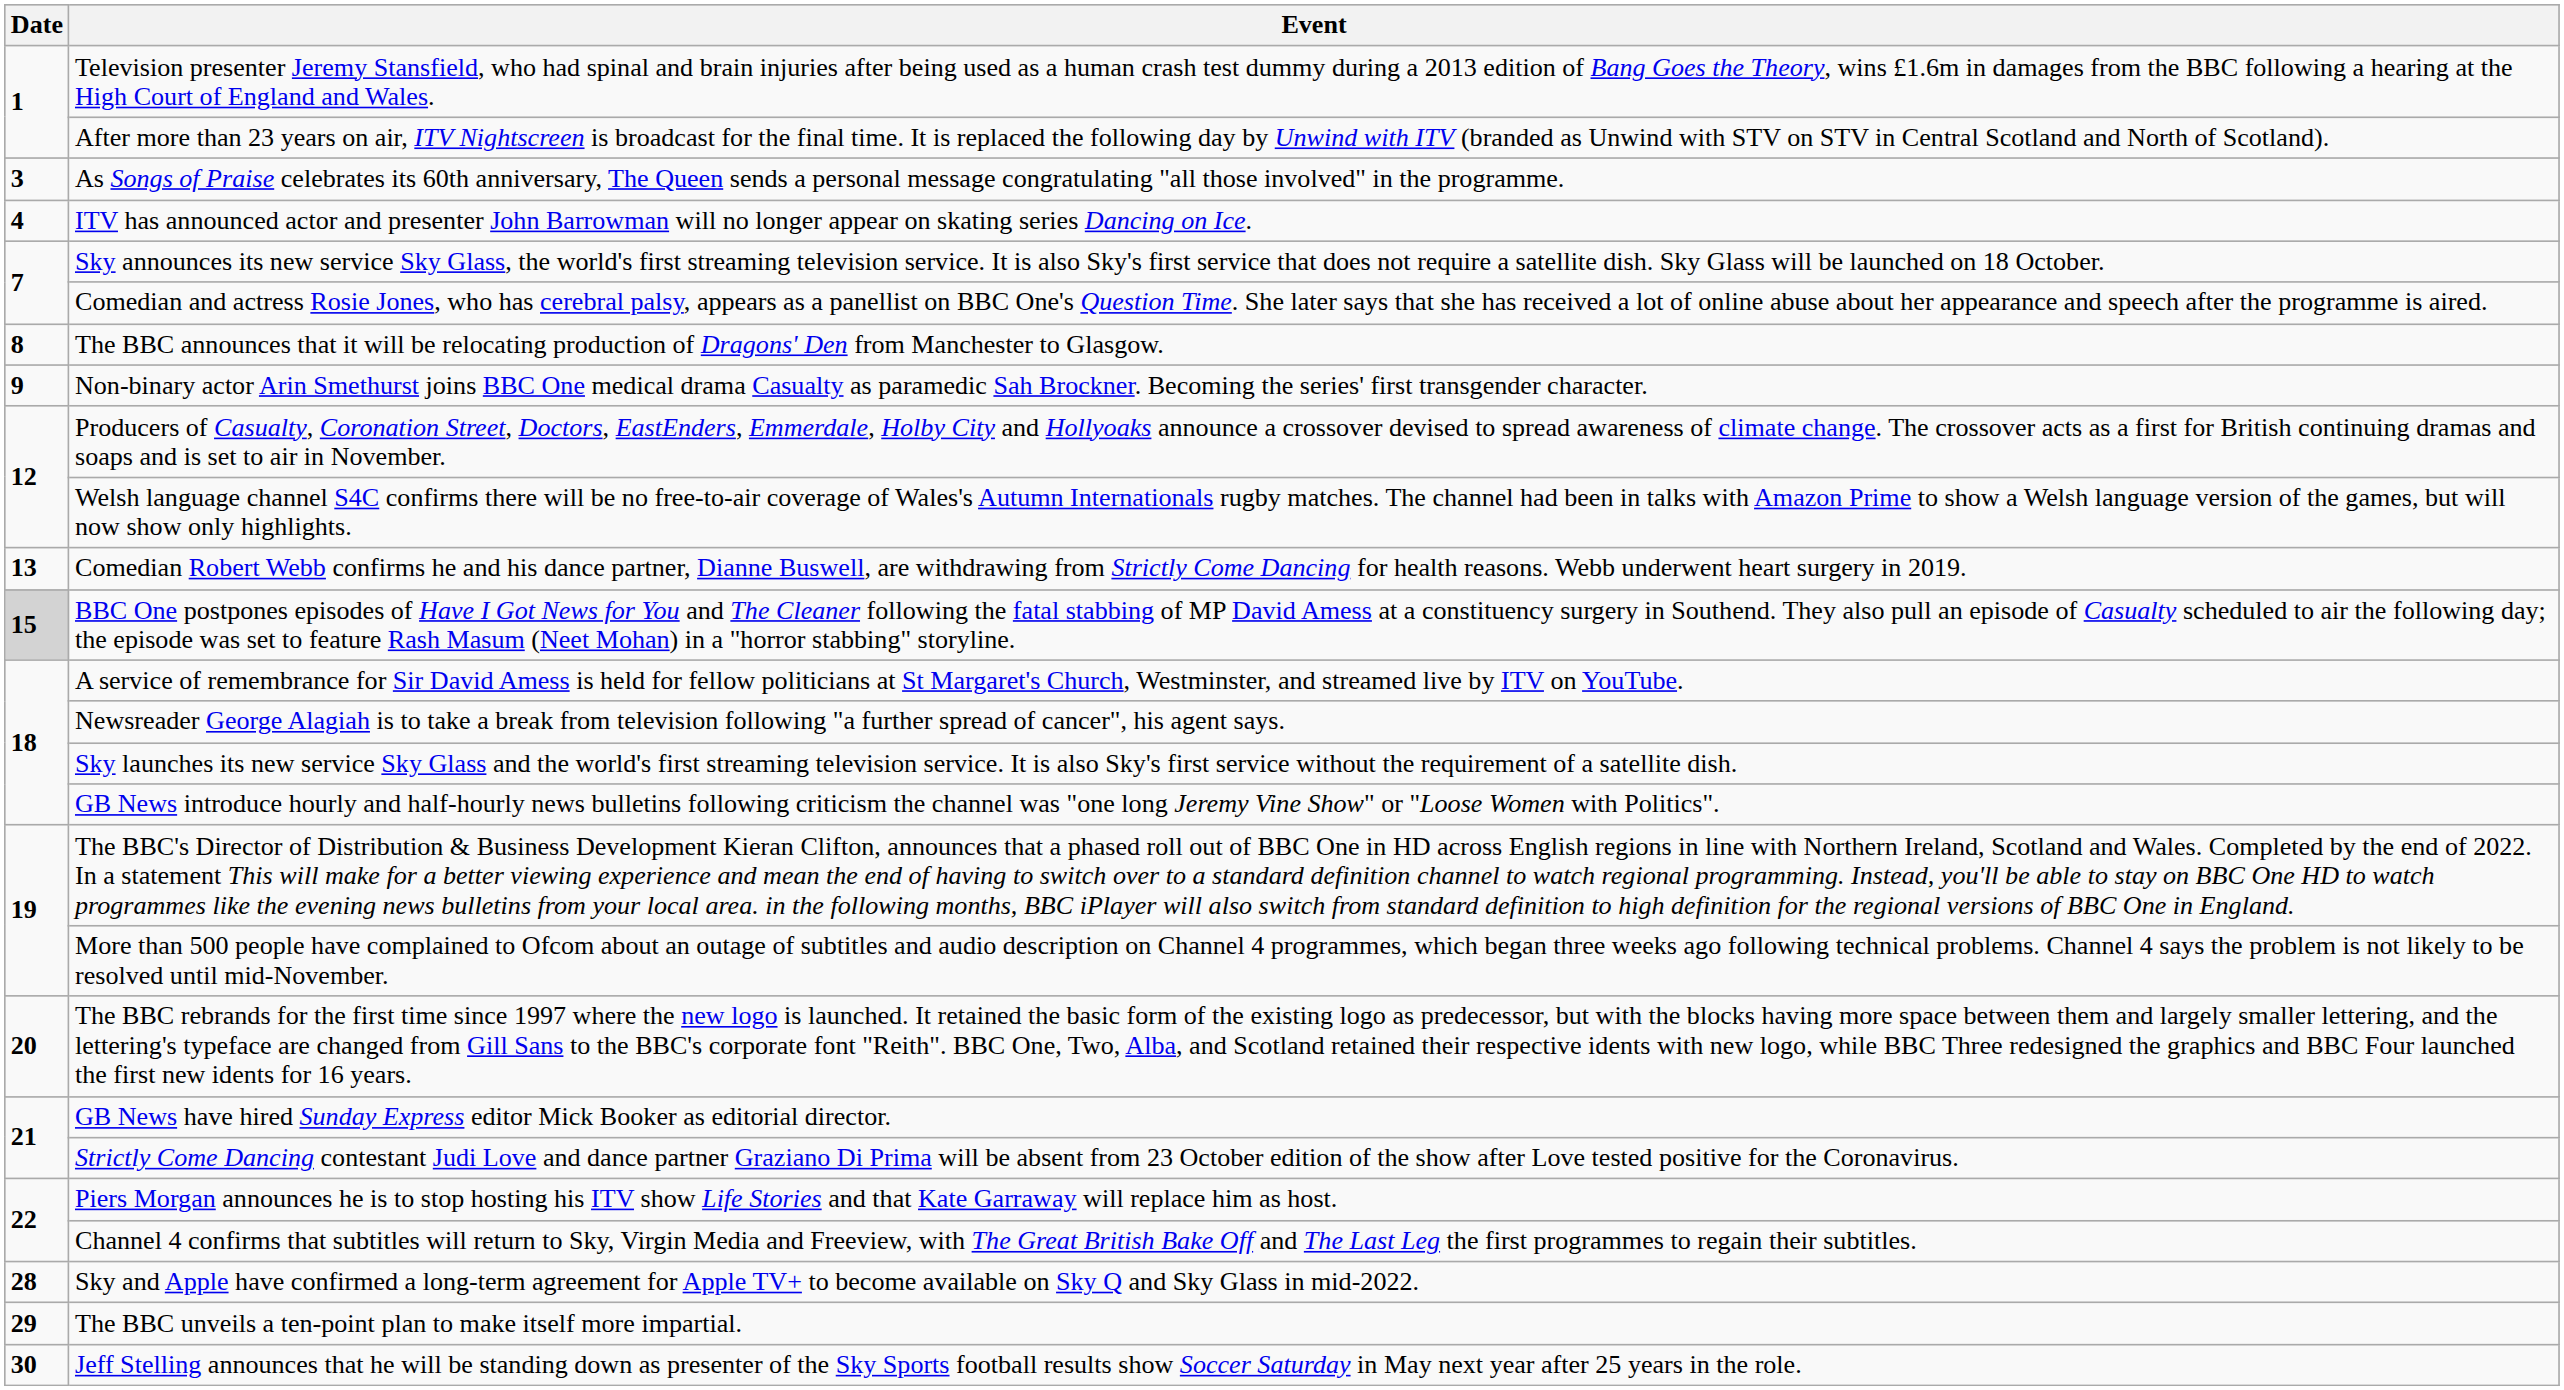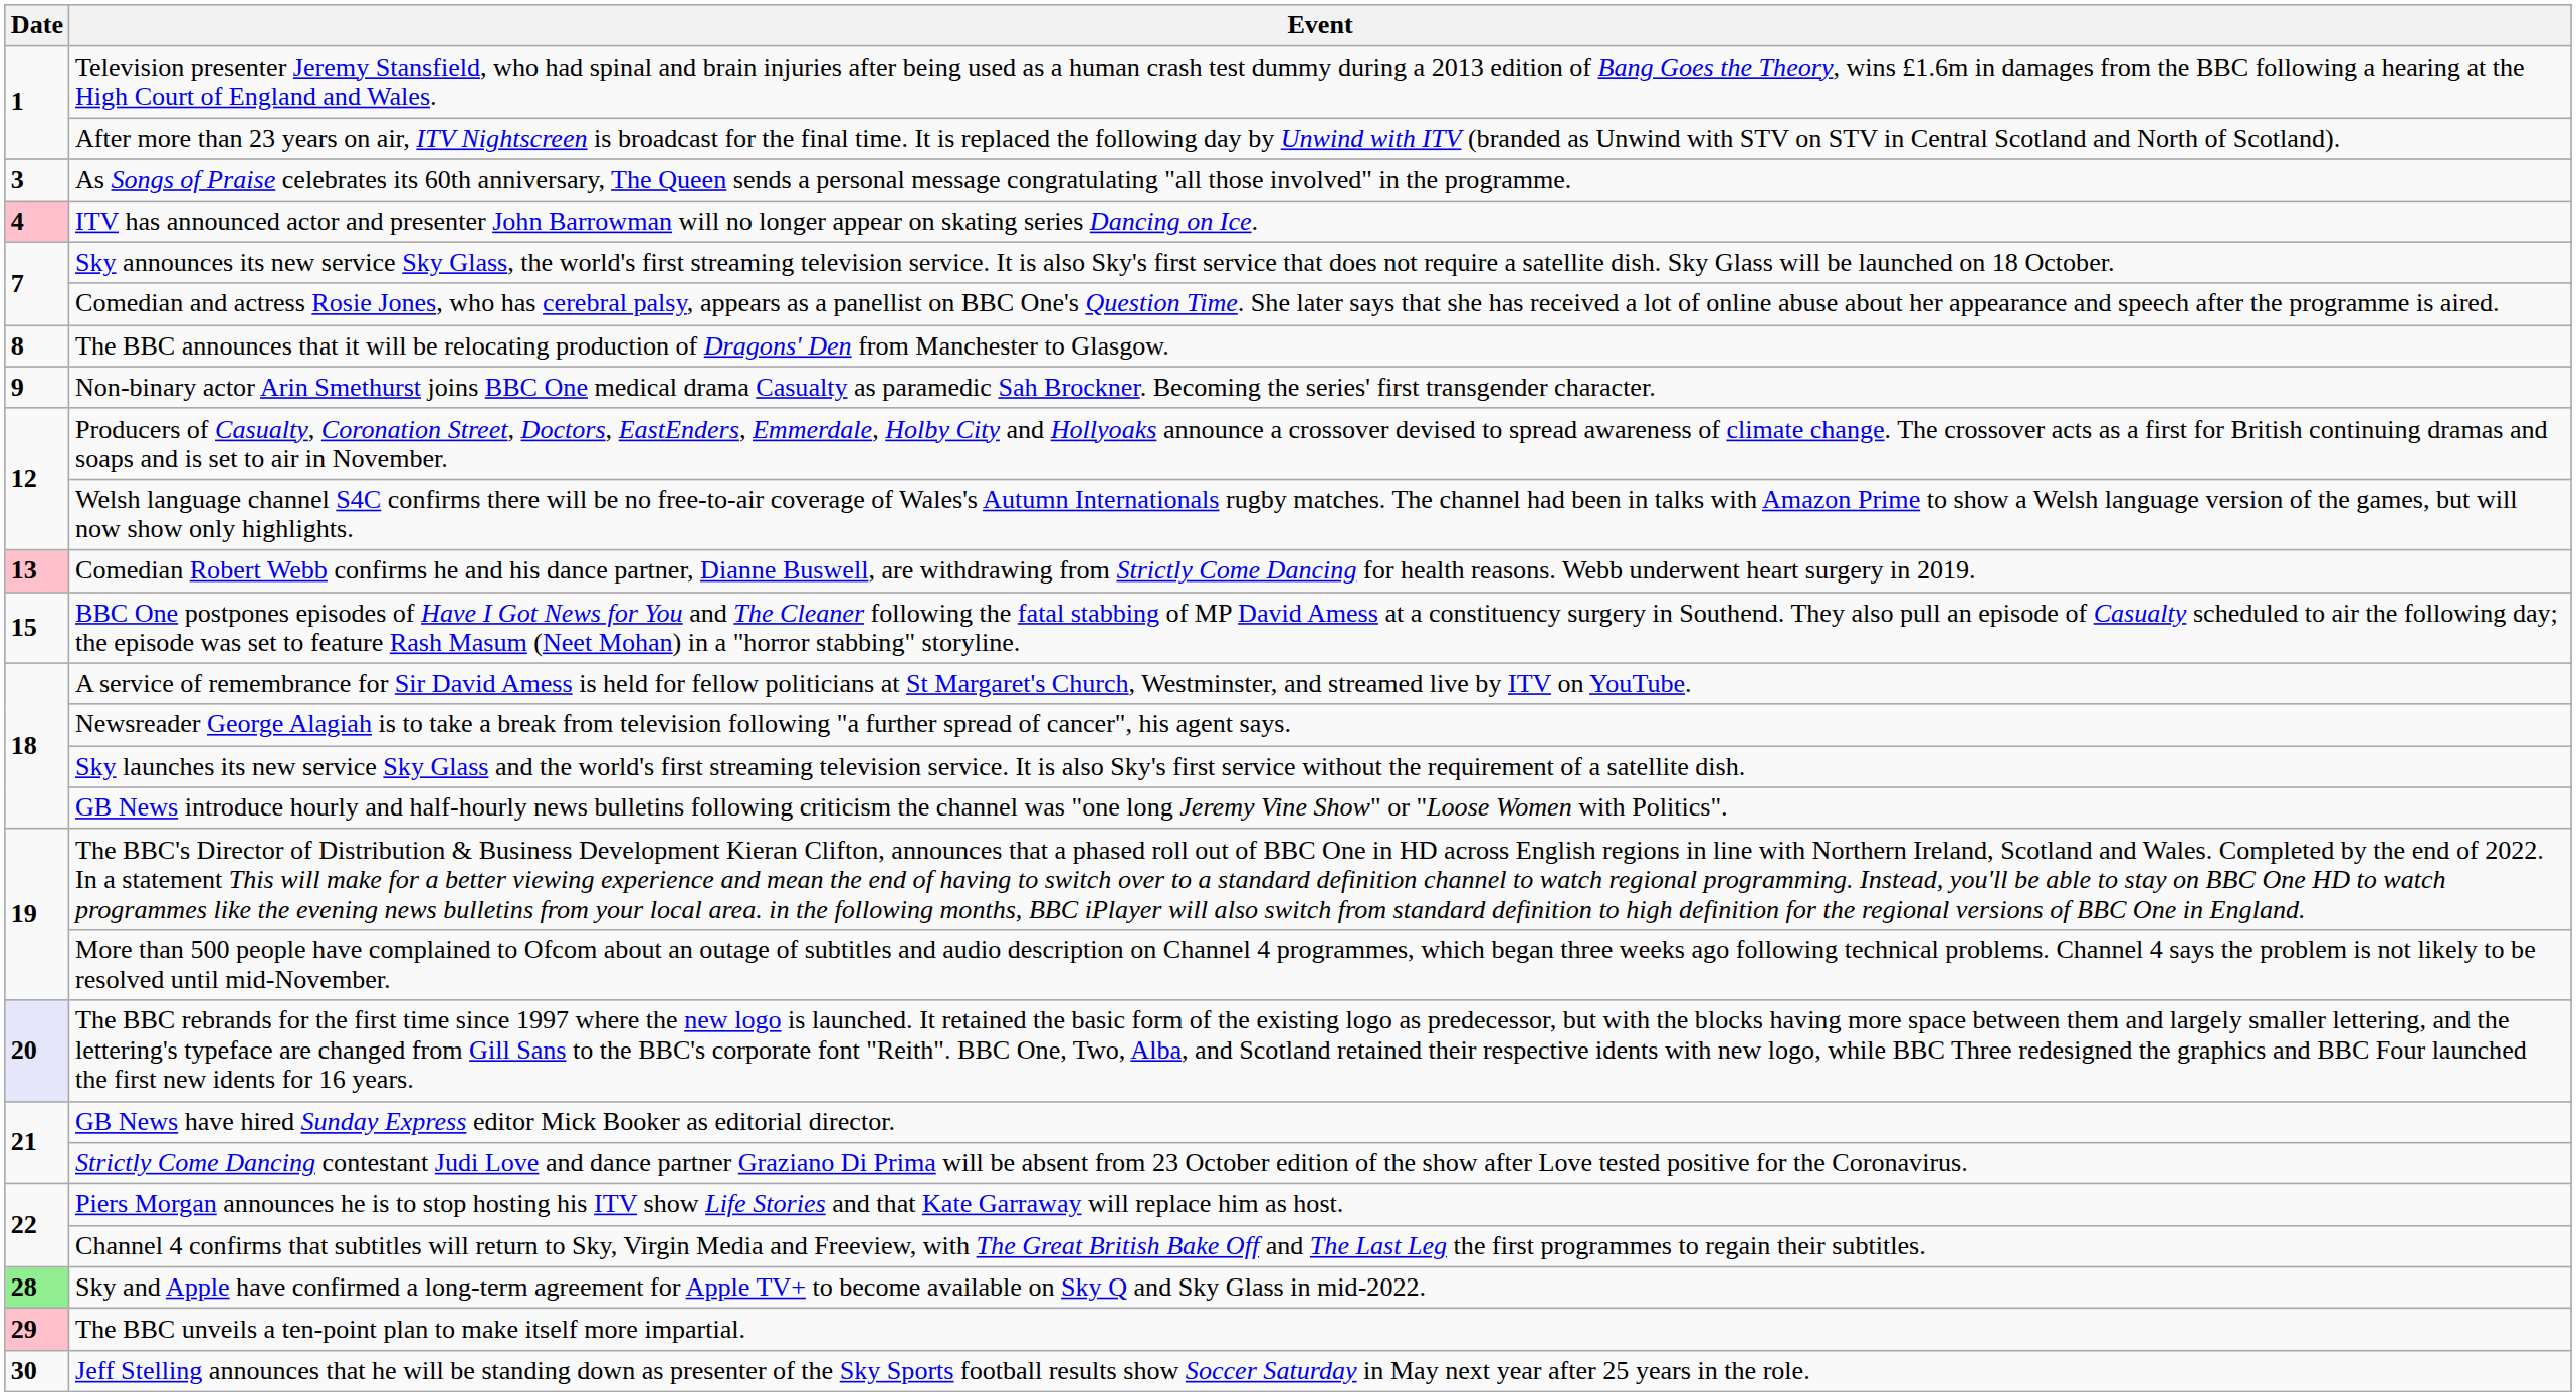 <table class="wikitable">
 <tr>
 <th>Date</th>
 <th>Event</th>
 </tr>
 <tr>
 <td rowspan=2><strong>1</strong></td>
 <td>Television presenter <a href='#'>Jeremy Stansfield</a>, who had spinal and brain injuries after being used as a human crash test dummy during a 2013 edition of <em><a href='#'>Bang Goes the Theory</a></em>, wins £1.6m in damages from the BBC following a hearing at the <a href='#'>High Court of England and Wales</a>.</td>
 </tr>
 <tr>
 <td>After more than 23 years on air, <em><a href='#'>ITV Nightscreen</a></em> is broadcast for the final time. It is replaced the following day by <em><a href='#'>Unwind with ITV</a></em> (branded as Unwind with STV on STV in Central Scotland and North of Scotland).</td>
 </tr>
 <tr>
 <td><strong>3</strong></td>
 <td>As <em><a href='#'>Songs of Praise</a></em> celebrates its 60th anniversary, <a href='#'>The Queen</a> sends a personal message congratulating "all those involved" in the programme.</td>
 </tr>
 <tr>
-<td><strong>4</strong></td>
+<td style="background: pink;"><strong>4</strong></td>
 <td><a href='#'>ITV</a> has announced actor and presenter <a href='#'>John Barrowman</a> will no longer appear on skating series <em><a href='#'>Dancing on Ice</a></em>.</td>
 </tr>
 <tr>
 <td rowspan=2><strong>7</strong></td>
 <td><a href='#'>Sky</a> announces its new service <a href='#'>Sky Glass</a>, the world's first streaming television service. It is also Sky's first service that does not require a satellite dish. Sky Glass will be launched on 18 October.</td>
 </tr>
 <tr>
 <td>Comedian and actress <a href='#'>Rosie Jones</a>, who has <a href='#'>cerebral palsy</a>, appears as a panellist on BBC One's <em><a href='#'>Question Time</a></em>. She later says that she has received a lot of online abuse about her appearance and speech after the programme is aired.</td>
 </tr>
 <tr>
 <td><strong>8</strong></td>
 <td>The BBC announces that it will be relocating production of <em><a href='#'>Dragons' Den</a></em> from Manchester to Glasgow.</td>
 </tr>
 <tr>
 <td><strong>9</strong></td>
 <td>Non-binary actor <a href='#'>Arin Smethurst</a> joins <a href='#'>BBC One</a> medical drama <a href='#'>Casualty</a> as paramedic <a href='#'>Sah Brockner</a>. Becoming the series' first transgender character.</td>
 </tr>
 <tr>
 <td rowspan=2><strong>12</strong></td>
 <td>Producers of <em><a href='#'>Casualty</a></em>, <em><a href='#'>Coronation Street</a></em>, <em><a href='#'>Doctors</a></em>, <em><a href='#'>EastEnders</a></em>, <em><a href='#'>Emmerdale</a></em>, <em><a href='#'>Holby City</a></em> and <em><a href='#'>Hollyoaks</a></em> announce a crossover devised to spread awareness of <a href='#'>climate change</a>. The crossover acts as a first for British continuing dramas and soaps and is set to air in November.</td>
 </tr>
 <tr>
 <td>Welsh language channel <a href='#'>S4C</a> confirms there will be no free-to-air coverage of Wales's <a href='#'>Autumn Internationals</a> rugby matches. The channel had been in talks with <a href='#'>Amazon Prime</a> to show a Welsh language version of the games, but will now show only highlights.</td>
 </tr>
 <tr>
-<td><strong>13</strong></td>
+<td style="background: pink;"><strong>13</strong></td>
 <td>Comedian <a href='#'>Robert Webb</a> confirms he and his dance partner, <a href='#'>Dianne Buswell</a>, are withdrawing from <em><a href='#'>Strictly Come Dancing</a></em> for health reasons. Webb underwent heart surgery in 2019.</td>
 </tr>
 <tr>
-<td style="background: lightgrey;"><strong>15</strong></td>
+<td><strong>15</strong></td>
 <td><a href='#'>BBC One</a> postpones episodes of <em><a href='#'>Have I Got News for You</a></em> and <em><a href='#'>The Cleaner</a></em> following the <a href='#'>fatal stabbing</a> of MP <a href='#'>David Amess</a> at a constituency surgery in Southend. They also pull an episode of <em><a href='#'>Casualty</a></em> scheduled to air the following day; the episode was set to feature <a href='#'>Rash Masum</a> (<a href='#'>Neet Mohan</a>) in a "horror stabbing" storyline.</td>
 </tr>
 <tr>
 <td rowspan=4><strong>18</strong></td>
 <td>A service of remembrance for <a href='#'>Sir David Amess</a> is held for fellow politicians at <a href='#'>St Margaret's Church</a>, Westminster, and streamed live by <a href='#'>ITV</a> on <a href='#'>YouTube</a>.</td>
 </tr>
 <tr>
 <td>Newsreader <a href='#'>George Alagiah</a> is to take a break from television following "a further spread of cancer", his agent says.</td>
 </tr>
 <tr>
 <td><a href='#'>Sky</a> launches its new service <a href='#'>Sky Glass</a> and the world's first streaming television service. It is also Sky's first service without the requirement of a satellite dish.</td>
 </tr>
 <tr>
 <td><a href='#'>GB News</a> introduce hourly and half-hourly news bulletins following criticism the channel was "one long <em>Jeremy Vine Show</em>" or "<em>Loose Women</em> with Politics".</td>
 </tr>
 <tr>
 <td rowspan=2><strong>19</strong></td>
 <td>The BBC's Director of Distribution & Business Development Kieran Clifton, announces that a phased roll out of BBC One in HD across English regions in line with Northern Ireland, Scotland and Wales. Completed by the end of 2022. In a statement <em>This will make for a better viewing experience and mean the end of having to switch over to a standard definition channel to watch regional programming. Instead, you'll be able to stay on BBC One HD to watch programmes like the evening news bulletins from your local area. in the following months, BBC iPlayer will also switch from standard definition to high definition for the regional versions of BBC One in England.</em></td>
 </tr>
 <tr>
 <td>More than 500 people have complained to Ofcom about an outage of subtitles and audio description on Channel 4 programmes, which began three weeks ago following technical problems. Channel 4 says the problem is not likely to be resolved until mid-November.</td>
 </tr>
 <tr>
-<td><strong>20</strong></td>
+<td style="background: lavender;"><strong>20</strong></td>
 <td>The BBC rebrands for the first time since 1997 where the <a href='#'>new logo</a> is launched. It retained the basic form of the existing logo as predecessor, but with the blocks having more space between them and largely smaller lettering, and the lettering's typeface are changed from <a href='#'>Gill Sans</a> to the BBC's corporate font "Reith". BBC One, Two, <a href='#'>Alba</a>, and Scotland retained their respective idents with new logo, while BBC Three redesigned the graphics and BBC Four launched the first new idents for 16 years.</td>
 </tr>
 <tr>
 <td rowspan=2><strong>21</strong></td>
 <td><a href='#'>GB News</a> have hired <em><a href='#'>Sunday Express</a></em> editor Mick Booker as editorial director.</td>
 </tr>
 <tr>
 <td><em><a href='#'>Strictly Come Dancing</a></em> contestant <a href='#'>Judi Love</a> and dance partner <a href='#'>Graziano Di Prima</a> will be absent from 23 October edition of the show after Love tested positive for the Coronavirus.</td>
 </tr>
 <tr>
 <td rowspan=2><strong>22</strong></td>
 <td><a href='#'>Piers Morgan</a> announces he is to stop hosting his <a href='#'>ITV</a> show <em><a href='#'>Life Stories</a></em> and that <a href='#'>Kate Garraway</a> will replace him as host.</td>
 </tr>
 <tr>
 <td>Channel 4 confirms that subtitles will return to Sky, Virgin Media and Freeview, with <em><a href='#'>The Great British Bake Off</a></em> and <em><a href='#'>The Last Leg</a></em> the first programmes to regain their subtitles.</td>
 </tr>
 <tr>
-<td><strong>28</strong></td>
+<td style="background: lightgreen;"><strong>28</strong></td>
 <td>Sky and <a href='#'>Apple</a> have confirmed a long-term agreement for <a href='#'>Apple TV+</a> to become available on <a href='#'>Sky Q</a> and Sky Glass in mid-2022.</td>
 </tr>
 <tr>
-<td><strong>29</strong></td>
+<td style="background: pink;"><strong>29</strong></td>
 <td>The BBC unveils a ten-point plan to make itself more impartial.</td>
 </tr>
 <tr>
 <td><strong>30</strong></td>
 <td><a href='#'>Jeff Stelling</a> announces that he will be standing down as presenter of the <a href='#'>Sky Sports</a> football results show <em><a href='#'>Soccer Saturday</a></em> in May next year after 25 years in the role.</td>
 </tr>
 </table>
